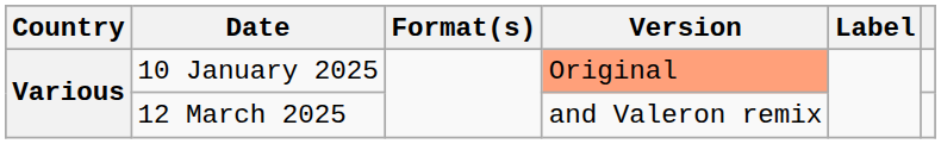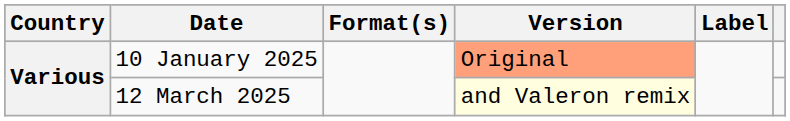 <table class="wikitable plainrowheaders">
 <tr>
 <th scope="col">Country</th>
 <th scope="col">Date</th>
 <th scope="col">Format(s)</th>
 <th scope="col">Version</th>
 <th scope="col">Label</th>
 <th scope="col"></th>
 </tr>
 <tr>
 <th scope="row" rowspan="2">Various</th>
 <td>10 January 2025</td>
 <td rowspan="2"></td>
 <td style="background: lightsalmon;">Original</td>
 <td rowspan="2"></td>
 <td align="center"></td>
 </tr>
 <tr>
 <td>12 March 2025</td>
-<td> and Valeron remix</td>
+<td style="background: lightyellow;"> and Valeron remix</td>
 <td align="center"></td>
 </tr>
 </table>
